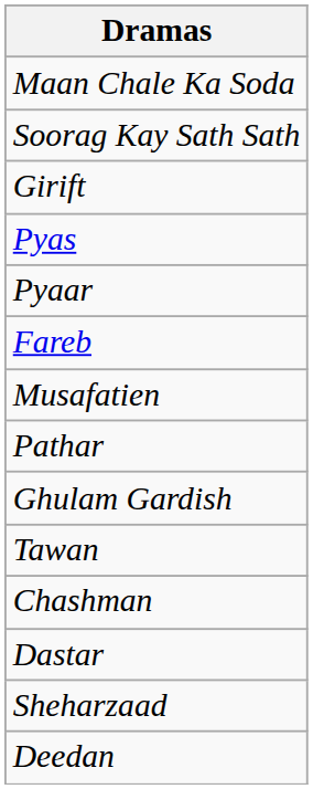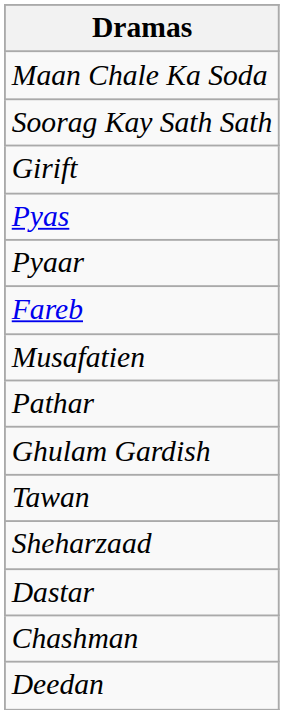 <table class="wikitable">
 <tr>
 <th>Dramas</th>
 </tr>
 <tr>
 <td><em>Maan Chale Ka Soda</em></td>
 </tr>
 <tr>
 <td><em>Soorag Kay Sath Sath</em></td>
 </tr>
 <tr>
 <td><em>Girift</em></td>
 </tr>
 <tr>
 <td><em><a href='#'>Pyas</a></em></td>
 </tr>
 <tr>
 <td><em>Pyaar</em></td>
 </tr>
 <tr>
 <td><em><a href='#'>Fareb</a></em></td>
 </tr>
 <tr>
 <td><em>Musafatien</em></td>
 </tr>
 <tr>
 <td><em>Pathar</em></td>
 </tr>
 <tr>
 <td><em>Ghulam Gardish</em></td>
 </tr>
 <tr>
 <td><em>Tawan</em></td>
 </tr>
 <tr>
-<td><em>Chashman</em></td>
+<td><em>Sheharzaad</em></td>
 </tr>
 <tr>
 <td><em>Dastar</em></td>
 </tr>
 <tr>
-<td><em>Sheharzaad</em></td>
+<td><em>Chashman</em></td>
 </tr>
 <tr>
 <td><em>Deedan</em></td>
 </tr>
 </table>
